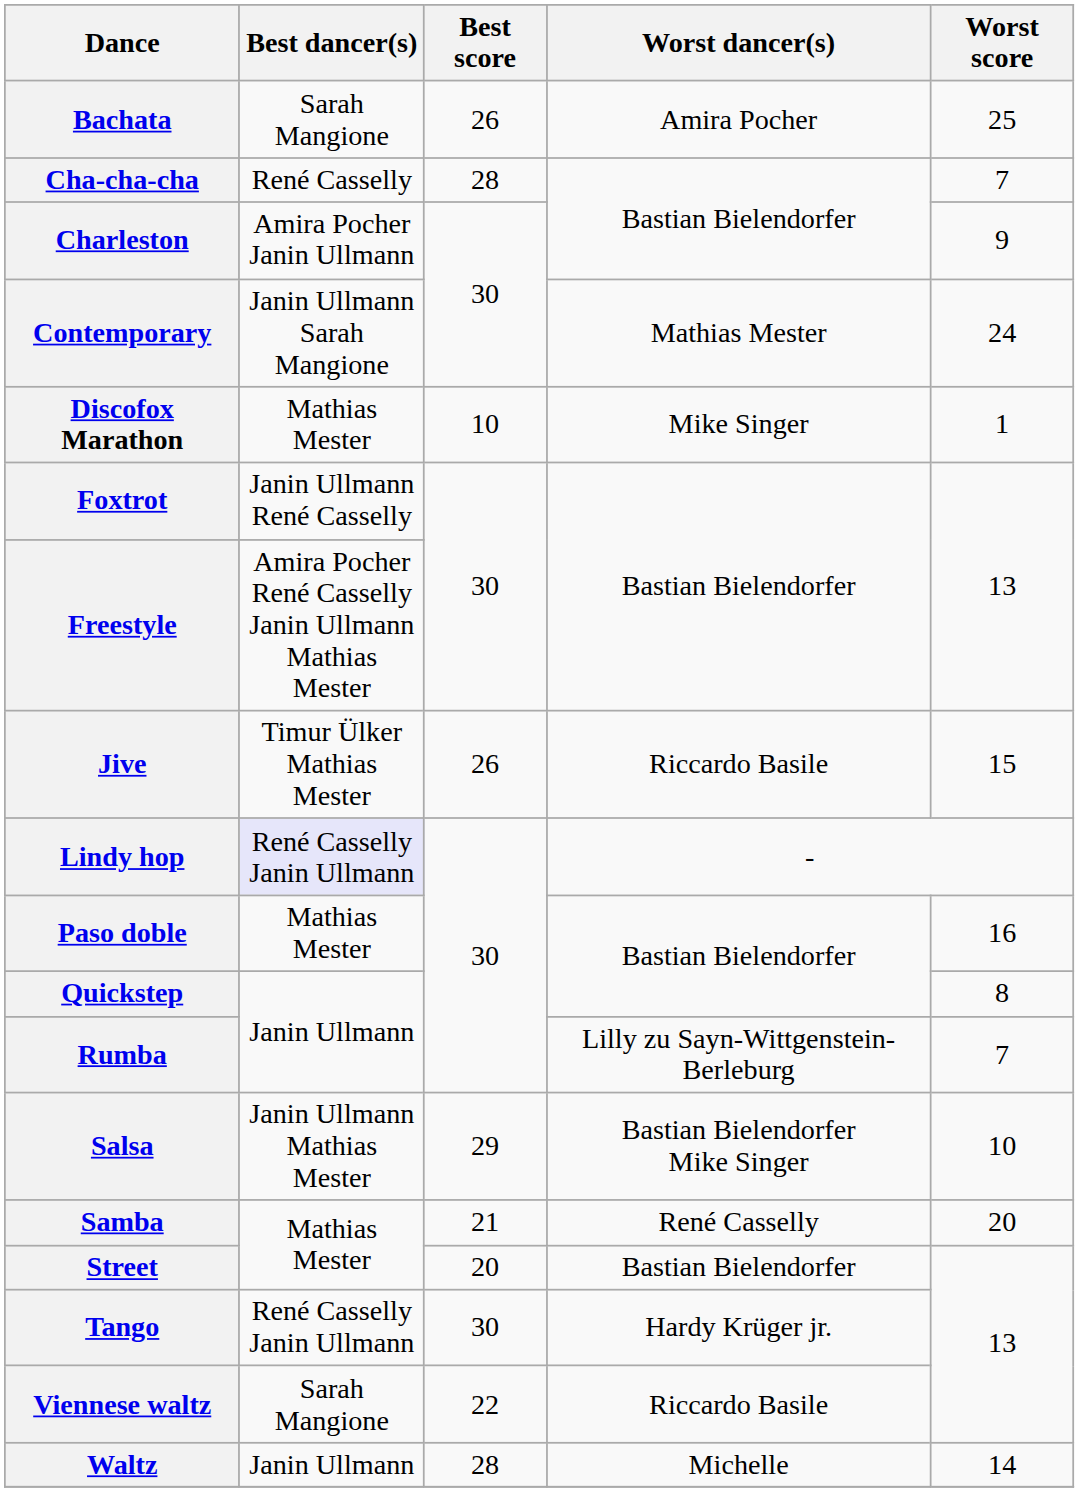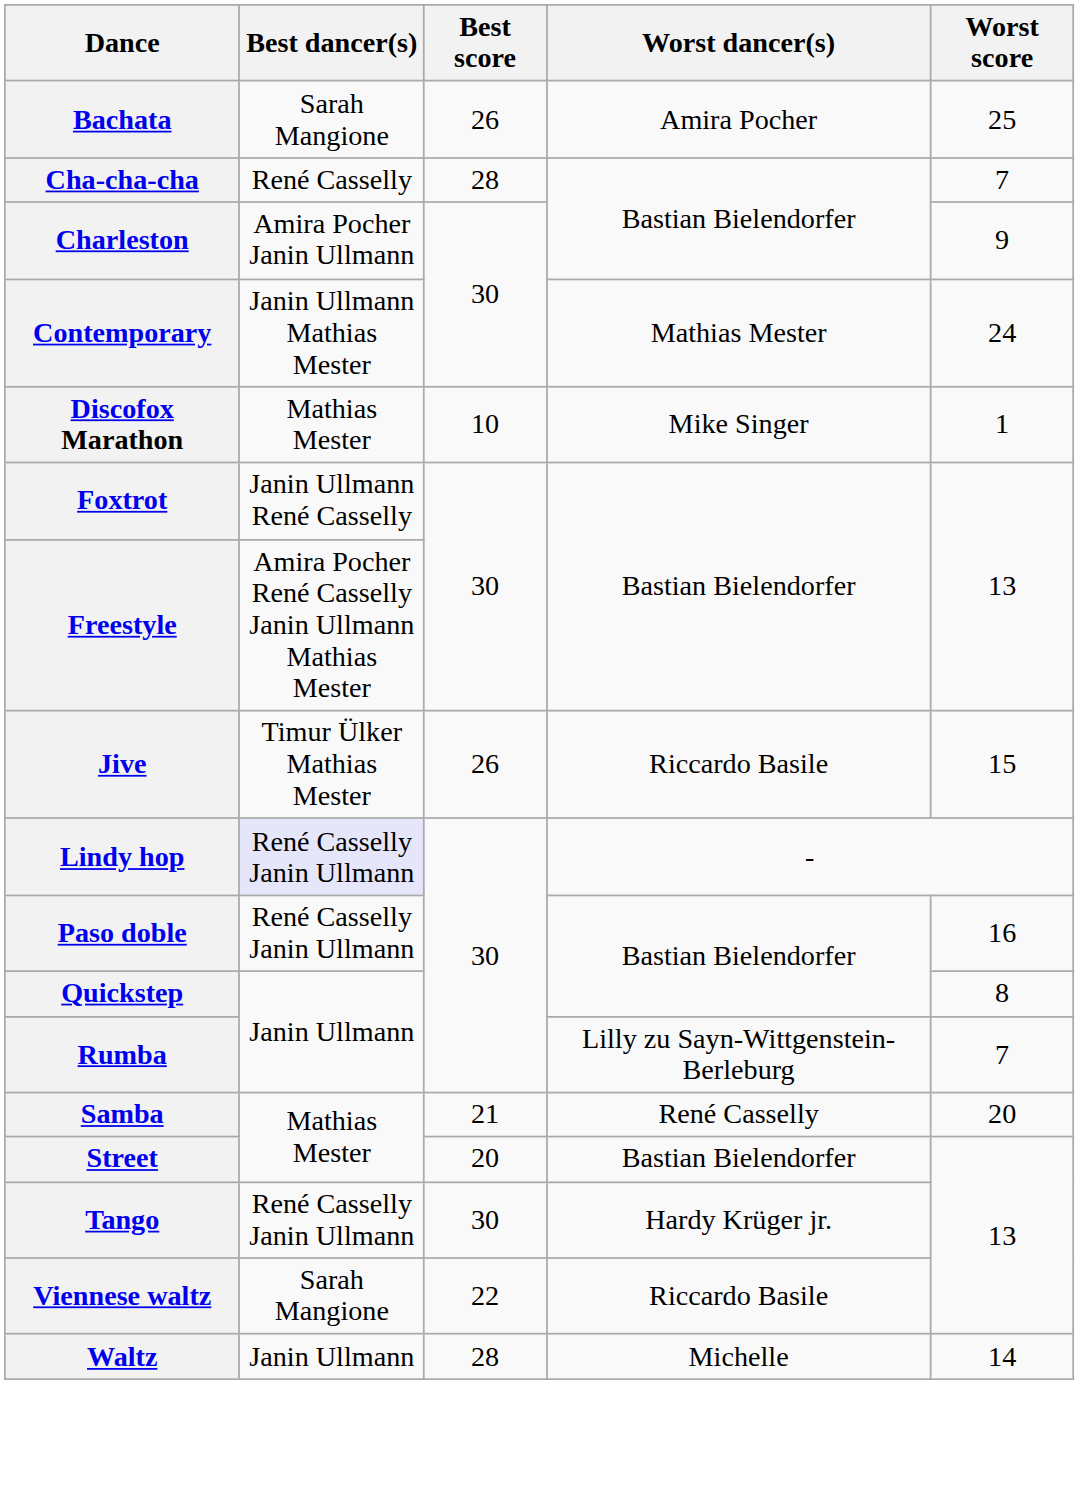 <table class="wikitable sortable" style="text-align:center;">
 <tr>
 <th>Dance</th>
 <th>Best dancer(s)</th>
 <th>Best score</th>
 <th>Worst dancer(s)</th>
 <th>Worst score</th>
 </tr>
 <tr>
 <th><a href='#'>Bachata</a></th>
 <td>Sarah Mangione</td>
 <td>26</td>
 <td>Amira Pocher</td>
 <td>25</td>
 </tr>
 <tr>
 <th><a href='#'>Cha-cha-cha</a></th>
 <td>René Casselly</td>
 <td>28</td>
 <td rowspan="2">Bastian Bielendorfer</td>
 <td>7</td>
 </tr>
 <tr>
 <th><a href='#'>Charleston</a></th>
 <td>Amira Pocher<br>Janin Ullmann</td>
 <td rowspan="2">30</td>
 <td>9</td>
 </tr>
 <tr>
 <th><a href='#'>Contemporary</a></th>
-<td>Janin Ullmann<br>Sarah Mangione</td>
+<td>Janin Ullmann<br>Mathias Mester</td>
 <td>Mathias Mester</td>
 <td>24</td>
 </tr>
 <tr>
 <th><a href='#'>Discofox</a> Marathon</th>
 <td>Mathias Mester</td>
 <td>10</td>
 <td>Mike Singer</td>
 <td>1</td>
 </tr>
 <tr>
 <th><a href='#'>Foxtrot</a></th>
 <td>Janin Ullmann<br>René Casselly</td>
 <td rowspan="2">30</td>
 <td rowspan="2">Bastian Bielendorfer</td>
 <td rowspan="2">13</td>
 </tr>
 <tr>
 <th><a href='#'>Freestyle</a></th>
 <td>Amira Pocher<br>René Casselly<br>Janin Ullmann<br>Mathias Mester</td>
 </tr>
 <tr>
 <th><a href='#'>Jive</a></th>
 <td>Timur Ülker<br>Mathias Mester</td>
 <td>26</td>
 <td>Riccardo Basile</td>
 <td>15</td>
 </tr>
 <tr>
 <th><a href='#'>Lindy hop</a></th>
 <td style="background: lavender;">René Casselly<br>Janin Ullmann</td>
 <td rowspan="4">30</td>
 <td colspan="2">-</td>
 </tr>
 <tr>
 <th><a href='#'>Paso doble</a></th>
-<td>Mathias Mester</td>
+<td>René Casselly<br>Janin Ullmann</td>
 <td rowspan="2">Bastian Bielendorfer</td>
 <td>16</td>
 </tr>
 <tr>
 <th><a href='#'>Quickstep</a></th>
 <td rowspan="2">Janin Ullmann</td>
 <td>8</td>
 </tr>
 <tr>
 <th><a href='#'>Rumba</a></th>
 <td>Lilly zu Sayn-Wittgenstein-Berleburg</td>
 <td>7</td>
-</tr>
-<tr>
-<th><a href='#'>Salsa</a></th>
-<td>Janin Ullmann<br>Mathias Mester</td>
-<td>29</td>
-<td>Bastian Bielendorfer<br>Mike Singer</td>
-<td>10</td>
 </tr>
 <tr>
 <th><a href='#'>Samba</a></th>
 <td rowspan="2">Mathias Mester</td>
 <td>21</td>
 <td>René Casselly</td>
 <td>20</td>
 </tr>
 <tr>
 <th><a href='#'>Street</a></th>
 <td>20</td>
 <td>Bastian Bielendorfer</td>
 <td rowspan="3">13</td>
 </tr>
 <tr>
 <th><a href='#'>Tango</a></th>
 <td>René Casselly<br>Janin Ullmann</td>
 <td>30</td>
 <td>Hardy Krüger jr.</td>
 </tr>
 <tr>
 <th><a href='#'>Viennese waltz</a></th>
 <td>Sarah Mangione</td>
 <td>22</td>
 <td>Riccardo Basile</td>
 </tr>
 <tr>
 <th><a href='#'>Waltz</a></th>
 <td>Janin Ullmann</td>
 <td>28</td>
 <td>Michelle</td>
 <td>14</td>
 </tr>
 <tr>
 </tr>
 </table>
